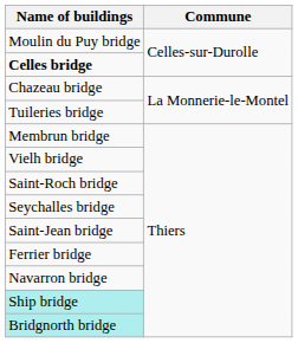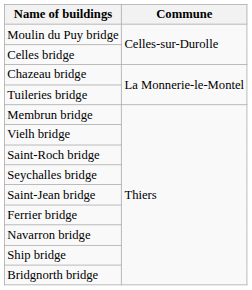 <table class="wikitable">
 <tr>
 <th>Name of buildings</th>
 <th>Commune</th>
 </tr>
 <tr>
 <td>Moulin du Puy bridge</td>
 <td rowspan="2">Celles-sur-Durolle</td>
 </tr>
 <tr>
-<td><strong>Celles bridge</strong></td>
+<td>Celles bridge</td>
 </tr>
 <tr>
 <td>Chazeau bridge</td>
 <td rowspan="2">La Monnerie-le-Montel</td>
 </tr>
 <tr>
 <td>Tuileries bridge</td>
 </tr>
 <tr>
 <td>Membrun bridge</td>
 <td rowspan="9">Thiers</td>
 </tr>
 <tr>
 <td>Vielh bridge</td>
 </tr>
 <tr>
 <td>Saint-Roch bridge</td>
 </tr>
 <tr>
 <td>Seychalles bridge</td>
 </tr>
 <tr>
 <td>Saint-Jean bridge</td>
 </tr>
 <tr>
 <td>Ferrier bridge</td>
 </tr>
 <tr>
 <td>Navarron bridge</td>
 </tr>
 <tr>
-<td style="background: paleturquoise;">Ship bridge</td>
+<td>Ship bridge</td>
 </tr>
 <tr>
-<td style="background: paleturquoise;">Bridgnorth bridge</td>
+<td>Bridgnorth bridge</td>
 </tr>
 </table>
